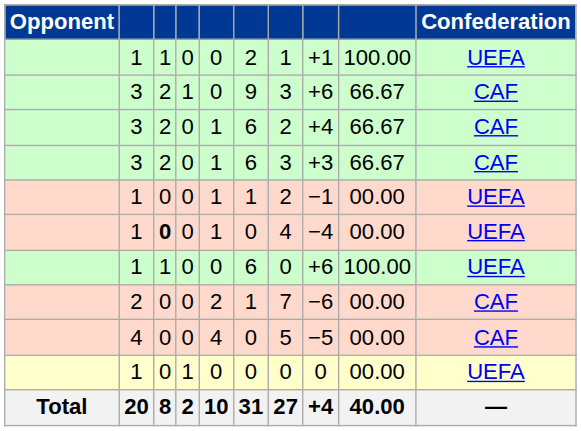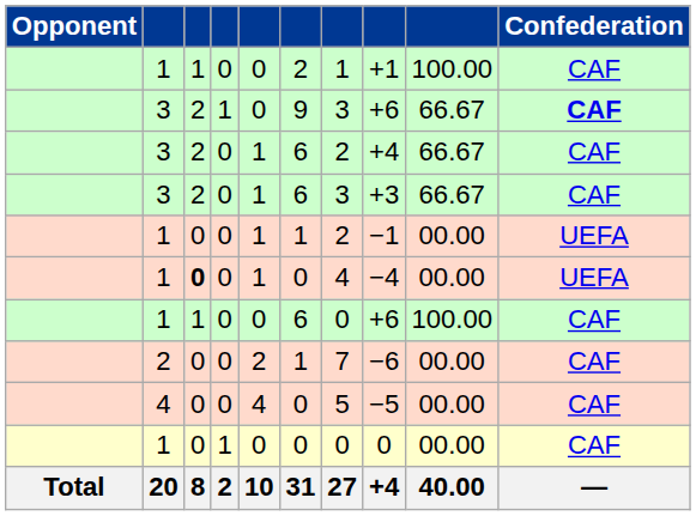 <table class="wikitable sortable" style="text-align:center;">
 <tr style="color:white">
 <th style="background-color:#003893;color:white">Opponent</th>
 <th style="background-color:#003893;"></th>
 <th style="background-color:#003893;"></th>
 <th style="background-color:#003893;"></th>
 <th style="background-color:#003893;"></th>
 <th style="background-color:#003893;"></th>
 <th style="background-color:#003893;"></th>
 <th style="background-color:#003893;"></th>
 <th style="background-color:#003893;"></th>
 <th style="background-color:#003893;color:white">Confederation</th>
 </tr>
 <tr bgcolor=CCFFCC>
 <td style="text-align:left;"></td>
 <td>1</td>
 <td>1</td>
 <td>0</td>
 <td>0</td>
 <td>2</td>
 <td>1</td>
 <td>+1</td>
 <td>100.00</td>
-<td><a href='#'>UEFA</a></td>
+<td><a href='#'>CAF</a></td>
 </tr>
 <tr bgcolor=CCFFCC>
 <td style="text-align:left;"></td>
 <td>3</td>
 <td>2</td>
 <td>1</td>
 <td>0</td>
 <td>9</td>
 <td>3</td>
 <td>+6</td>
 <td>66.67</td>
-<td><a href='#'>CAF</a></td>
+<td><strong><a href='#'>CAF</a></strong></td>
 </tr>
 <tr bgcolor=CCFFCC>
 <td style="text-align:left;"></td>
 <td>3</td>
 <td>2</td>
 <td>0</td>
 <td>1</td>
 <td>6</td>
 <td>2</td>
 <td>+4</td>
 <td>66.67</td>
 <td><a href='#'>CAF</a></td>
 </tr>
 <tr bgcolor=CCFFCC>
 <td style="text-align:left;"></td>
 <td>3</td>
 <td>2</td>
 <td>0</td>
 <td>1</td>
 <td>6</td>
 <td>3</td>
 <td>+3</td>
 <td>66.67</td>
 <td><a href='#'>CAF</a></td>
 </tr>
 <tr bgcolor=FFDACC>
 <td style="text-align:left;"></td>
 <td>1</td>
 <td>0</td>
 <td>0</td>
 <td>1</td>
 <td>1</td>
 <td>2</td>
 <td>−1</td>
 <td>00.00</td>
 <td><a href='#'>UEFA</a></td>
 </tr>
 <tr bgcolor=FFDACC>
 <td style="text-align:left;"></td>
 <td>1</td>
 <td><strong>0</strong></td>
 <td>0</td>
 <td>1</td>
 <td>0</td>
 <td>4</td>
 <td>−4</td>
 <td>00.00</td>
 <td><a href='#'>UEFA</a></td>
 </tr>
 <tr bgcolor=CCFFCC>
 <td style="text-align:left;"></td>
 <td>1</td>
 <td>1</td>
 <td>0</td>
 <td>0</td>
 <td>6</td>
 <td>0</td>
 <td>+6</td>
 <td>100.00</td>
-<td><a href='#'>UEFA</a></td>
+<td><a href='#'>CAF</a></td>
 </tr>
 <tr bgcolor=FFDACC>
 <td style="text-align:left;"></td>
 <td>2</td>
 <td>0</td>
 <td>0</td>
 <td>2</td>
 <td>1</td>
 <td>7</td>
 <td>−6</td>
 <td>00.00</td>
 <td><a href='#'>CAF</a></td>
 </tr>
 <tr bgcolor=FFDACC>
 <td style="text-align:left;"></td>
 <td>4</td>
 <td>0</td>
 <td>0</td>
 <td>4</td>
 <td>0</td>
 <td>5</td>
 <td>−5</td>
 <td>00.00</td>
 <td><a href='#'>CAF</a></td>
 </tr>
 <tr bgcolor=FFFFCC>
 <td style="text-align:left;"></td>
 <td>1</td>
 <td>0</td>
 <td>1</td>
 <td>0</td>
 <td>0</td>
 <td>0</td>
 <td>0</td>
 <td>00.00</td>
-<td><a href='#'>UEFA</a></td>
+<td><a href='#'>CAF</a></td>
 </tr>
 <tr>
 <th>Total</th>
 <th>20</th>
 <th>8</th>
 <th>2</th>
 <th>10</th>
 <th>31</th>
 <th>27</th>
 <th>+4</th>
 <th>40.00</th>
 <th>—</th>
 </tr>
 </table>
